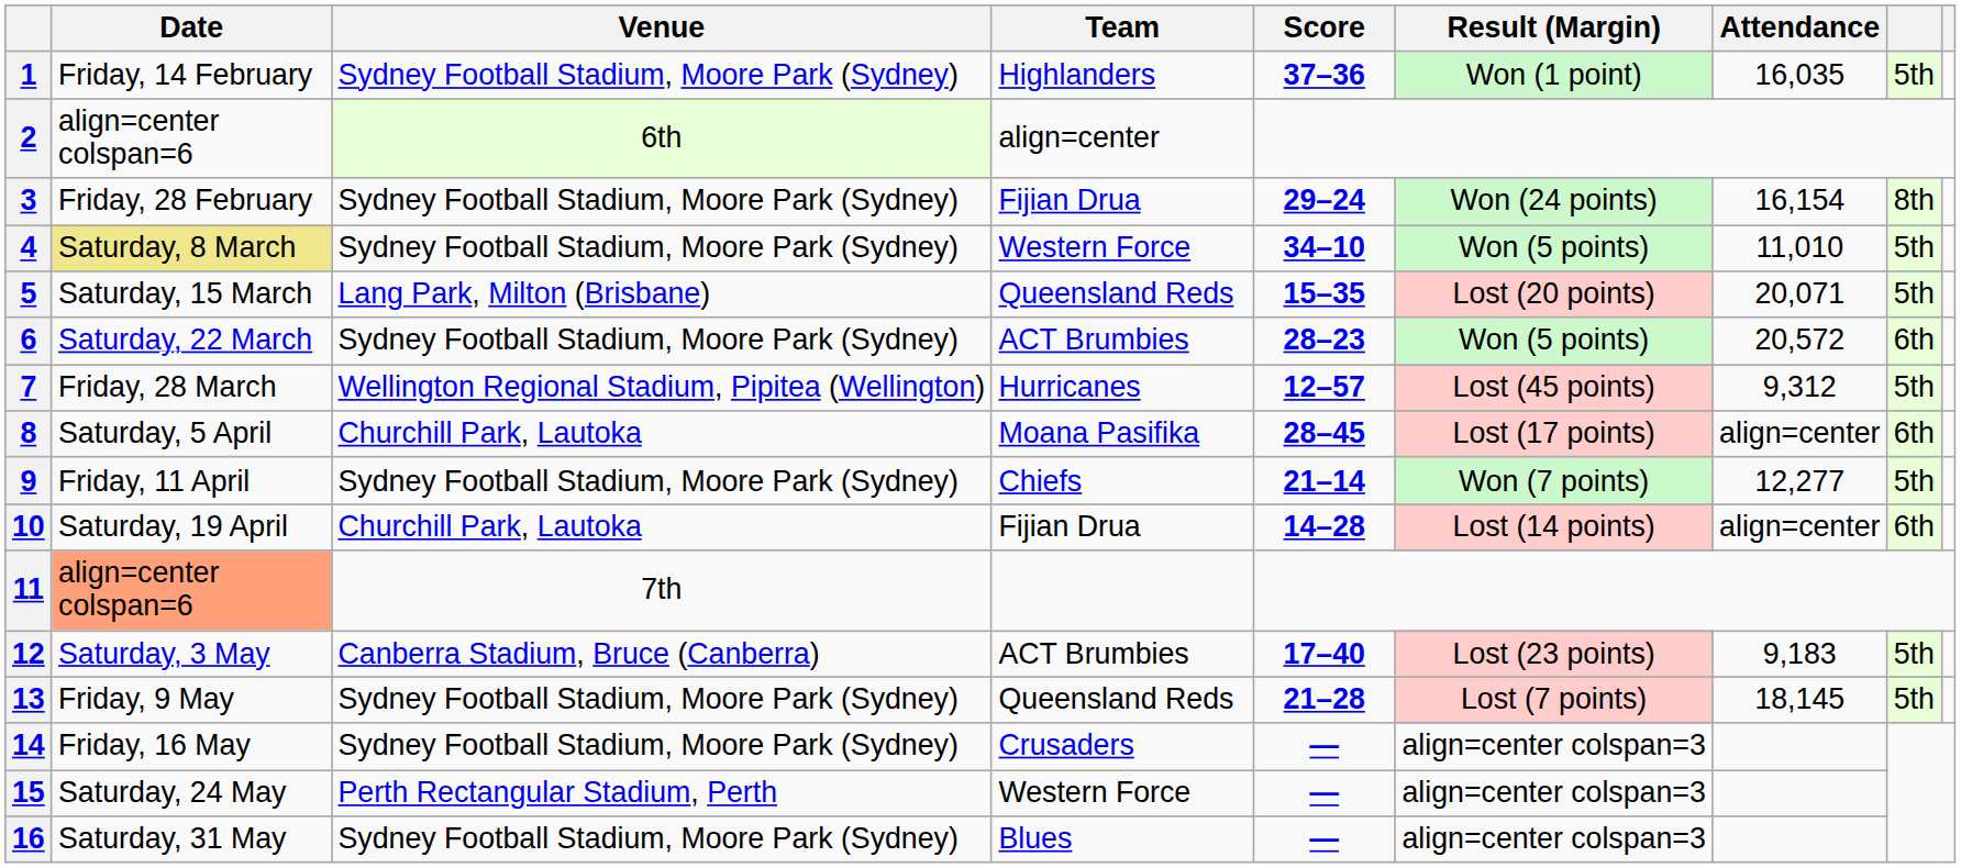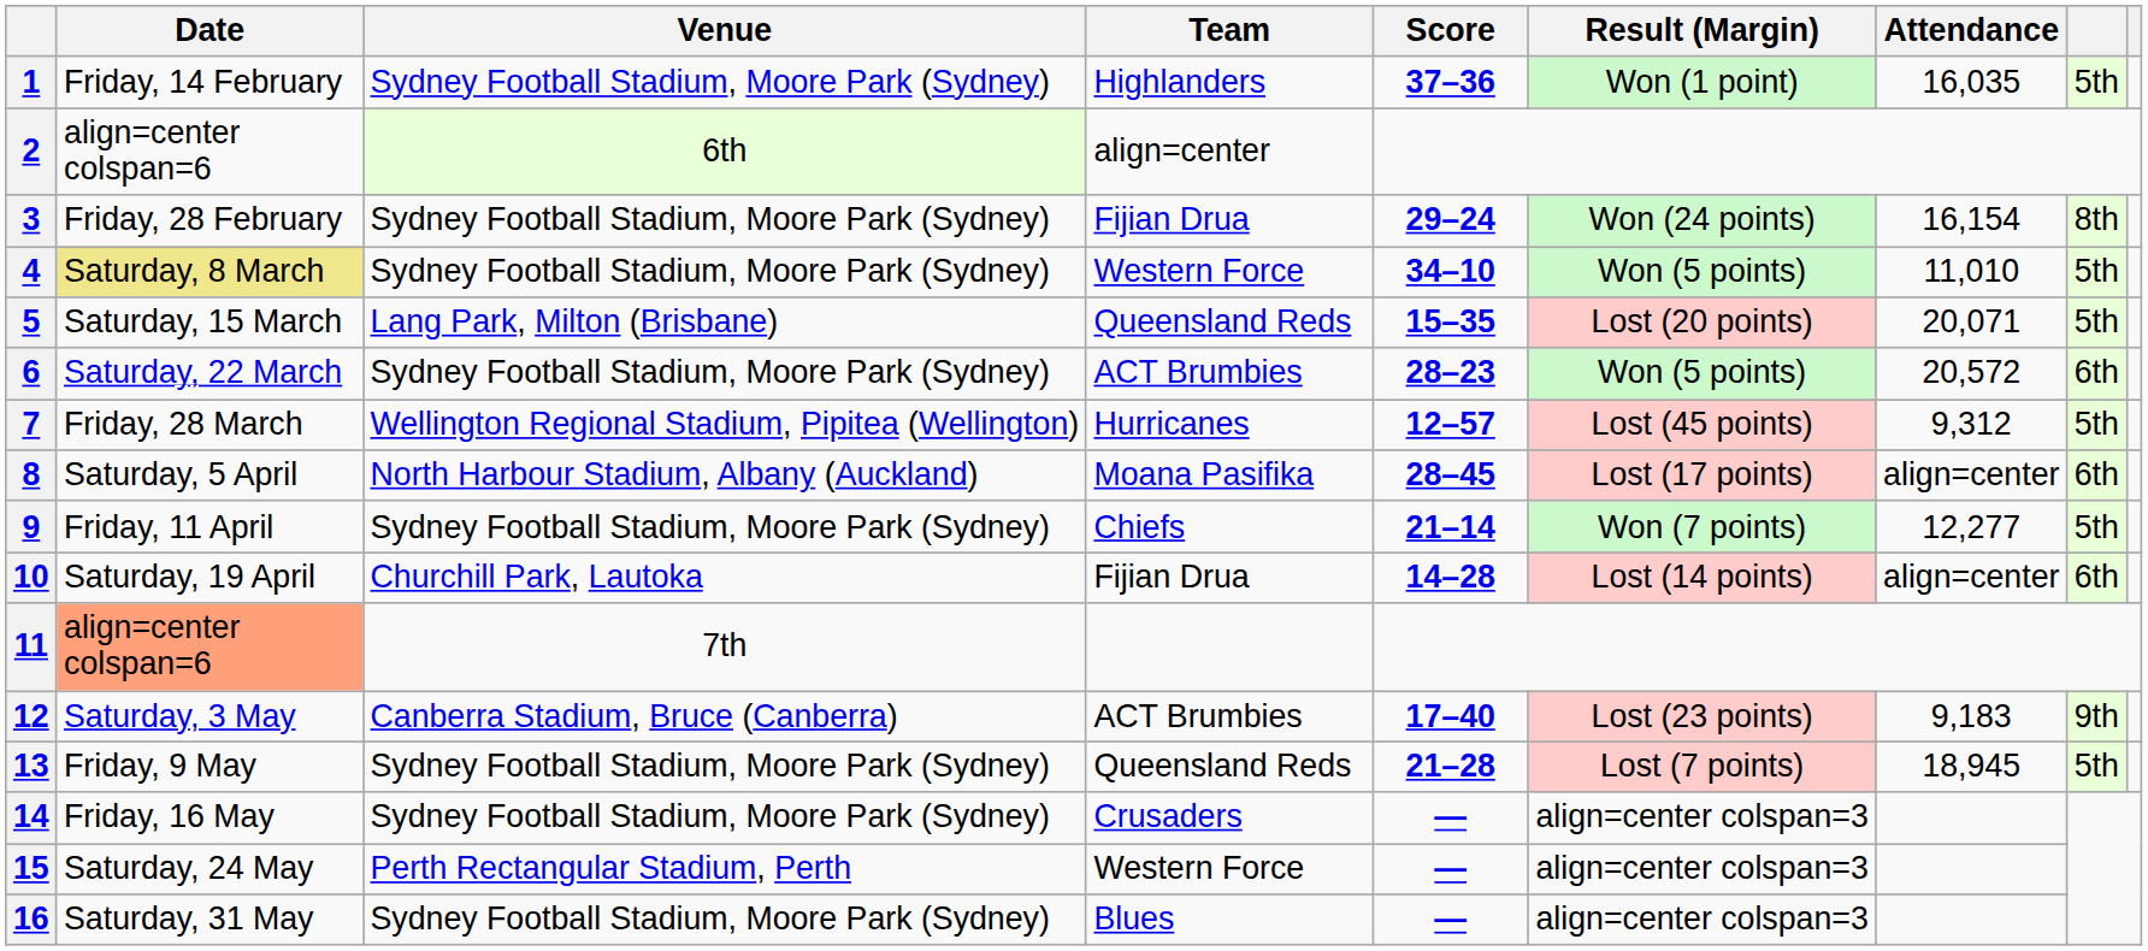 <table class="wikitable">
 <tr>
 <th></th>
 <th width=145>Date</th>
 <th>Venue</th>
 <th width=135>Team</th>
 <th width=70>Score</th>
 <th>Result (Margin)</th>
 <th>Attendance</th>
 <th></th>
 <th></th>
 </tr>
 <tr>
 <th align=center><a href='#'>1</a></th>
 <td>Friday, 14 February</td>
 <td><a href='#'>Sydney Football Stadium</a>, <a href='#'>Moore Park</a> (<a href='#'>Sydney</a>)</td>
 <td> <a href='#'>Highlanders</a></td>
 <td align=center><strong><a href='#'>37–36</a></strong></td>
 <td align=center bgcolor=#CCF9CC>Won (1 point)</td>
 <td align=center>16,035</td>
 <td align=center bgcolor=#E8FFD8>5th</td>
 <td align=center></td>
 </tr>
 <tr>
 <th align=center><a href='#'>2</a></th>
 <td>align=center colspan=6 </td>
 <td align=center bgcolor=#E8FFD8>6th</td>
 <td>align=center </td>
 </tr>
 <tr>
 <th align=center><a href='#'>3</a></th>
 <td>Friday, 28 February</td>
 <td>Sydney Football Stadium, Moore Park (Sydney)</td>
 <td> <a href='#'>Fijian Drua</a></td>
 <td align=center><strong><a href='#'>29–24</a></strong></td>
 <td align=center bgcolor=#CCF9CC>Won (24 points)</td>
 <td align=center>16,154</td>
 <td align=center bgcolor=#E8FFD8>8th</td>
 <td align=center></td>
 </tr>
 <tr>
 <th align=center><a href='#'>4</a></th>
 <td style="background: khaki;">Saturday, 8 March</td>
 <td>Sydney Football Stadium, Moore Park (Sydney)</td>
 <td><a href='#'>Western Force</a></td>
 <td align=center><strong><a href='#'>34–10</a></strong></td>
 <td align=center bgcolor=#CCF9CC>Won (5 points)</td>
 <td align=center>11,010</td>
 <td align=center bgcolor=#E8FFD8>5th</td>
 <td align=center></td>
 </tr>
 <tr>
 <th align=center><a href='#'>5</a></th>
 <td>Saturday, 15 March</td>
 <td><a href='#'>Lang Park</a>, <a href='#'>Milton</a> (<a href='#'>Brisbane</a>)</td>
 <td><a href='#'>Queensland Reds</a></td>
 <td align=center><strong><a href='#'>15–35</a></strong></td>
 <td align=center bgcolor=#FFCCCC>Lost (20 points)</td>
 <td align=center>20,071</td>
 <td align=center bgcolor=#E8FFD8>5th</td>
 <td align=center></td>
 </tr>
 <tr>
 <th align=center><a href='#'>6</a></th>
 <td><a href='#'>Saturday, 22 March</a></td>
 <td>Sydney Football Stadium, Moore Park (Sydney)</td>
 <td><a href='#'>ACT Brumbies</a></td>
 <td align=center><strong><a href='#'>28–23</a></strong></td>
 <td align=center bgcolor=#CCF9CC>Won (5 points)</td>
 <td align=center>20,572</td>
 <td align=center bgcolor=#E8FFD8>6th</td>
 <td align=center></td>
 </tr>
 <tr>
 <th align=center><a href='#'>7</a></th>
 <td>Friday, 28 March</td>
 <td><a href='#'>Wellington Regional Stadium</a>, <a href='#'>Pipitea</a> (<a href='#'>Wellington</a>)</td>
 <td> <a href='#'>Hurricanes</a></td>
 <td align=center><strong><a href='#'>12–57</a></strong></td>
 <td align=center bgcolor=#FFCCCC>Lost (45 points)</td>
 <td align=center>9,312</td>
 <td align=center bgcolor=#E8FFD8>5th</td>
 <td align=center></td>
 </tr>
 <tr>
 <th align=center><a href='#'>8</a></th>
 <td>Saturday, 5 April</td>
-<td><a href='#'>Churchill Park</a>, <a href='#'>Lautoka</a></td>
+<td><a href='#'>North Harbour Stadium</a>, <a href='#'>Albany</a> (<a href='#'>Auckland</a>)</td>
 <td> <a href='#'>Moana Pasifika</a></td>
 <td align=center><strong><a href='#'>28–45</a></strong></td>
 <td align=center bgcolor=#FFCCCC>Lost (17 points)</td>
 <td>align=center </td>
 <td align=center bgcolor=#E8FFD8>6th</td>
 <td align=center></td>
 </tr>
 <tr>
 <th align=center><a href='#'>9</a></th>
 <td>Friday, 11 April</td>
 <td>Sydney Football Stadium, Moore Park (Sydney)</td>
 <td> <a href='#'>Chiefs</a></td>
 <td align=center><strong><a href='#'>21–14</a></strong></td>
 <td align=center bgcolor=#CCF9CC>Won (7 points)</td>
 <td align=center>12,277</td>
 <td align=center bgcolor=#E8FFD8>5th</td>
 <td align=center></td>
 </tr>
 <tr>
 <th align=center><a href='#'>10</a></th>
 <td>Saturday, 19 April</td>
 <td><a href='#'>Churchill Park</a>, <a href='#'>Lautoka</a></td>
 <td> Fijian Drua</td>
 <td align=center><strong><a href='#'>14–28</a></strong></td>
 <td align=center bgcolor=#FFCCCC>Lost (14 points)</td>
 <td>align=center </td>
 <td align=center bgcolor=#E8FFD8>6th</td>
 <td align=center></td>
 </tr>
 <tr>
 <th align=center><a href='#'>11</a></th>
 <td style="background: lightsalmon;">align=center colspan=6 </td>
 <td align=center>7th</td>
 <td align=center></td>
 </tr>
 <tr>
 <th align=center><a href='#'>12</a></th>
 <td><a href='#'>Saturday, 3 May</a></td>
 <td><a href='#'>Canberra Stadium</a>, <a href='#'>Bruce</a> (<a href='#'>Canberra</a>)</td>
 <td>ACT Brumbies</td>
 <td align=center><strong><a href='#'>17–40</a></strong></td>
 <td align=center bgcolor=#FFCCCC>Lost (23 points)</td>
 <td align=center>9,183</td>
-<td align=center bgcolor=#E8FFD8>5th</td>
+<td align=center bgcolor=#E8FFD8>9th</td>
 <td align=center></td>
 </tr>
 <tr>
 <th align=center><a href='#'>13</a></th>
 <td>Friday, 9 May</td>
 <td>Sydney Football Stadium, Moore Park (Sydney)</td>
 <td>Queensland Reds</td>
 <td align=center><strong><a href='#'>21–28</a></strong></td>
 <td align=center bgcolor=#FFCCCC>Lost (7 points)</td>
-<td align=center>18,145</td>
+<td align=center>18,945</td>
 <td align=center bgcolor=#E8FFD8>5th</td>
 <td align=center></td>
 </tr>
 <tr>
 <th align=center><a href='#'>14</a></th>
 <td>Friday, 16 May</td>
 <td>Sydney Football Stadium, Moore Park (Sydney)</td>
 <td> <a href='#'>Crusaders</a></td>
 <td align=center><strong><a href='#'>—</a></strong></td>
 <td>align=center colspan=3 </td>
 <td align=center></td>
 </tr>
 <tr>
 <th align=center><a href='#'>15</a></th>
 <td>Saturday, 24 May</td>
 <td><a href='#'>Perth Rectangular Stadium</a>, <a href='#'>Perth</a></td>
 <td>Western Force</td>
 <td align=center><strong><a href='#'>—</a></strong></td>
 <td>align=center colspan=3 </td>
 <td align=center></td>
 </tr>
 <tr>
 <th align=center><a href='#'>16</a></th>
 <td>Saturday, 31 May</td>
 <td>Sydney Football Stadium, Moore Park (Sydney)</td>
 <td> <a href='#'>Blues</a></td>
 <td align=center><strong><a href='#'>—</a></strong></td>
 <td>align=center colspan=3 </td>
 <td align=center></td>
 </tr>
 </table>
